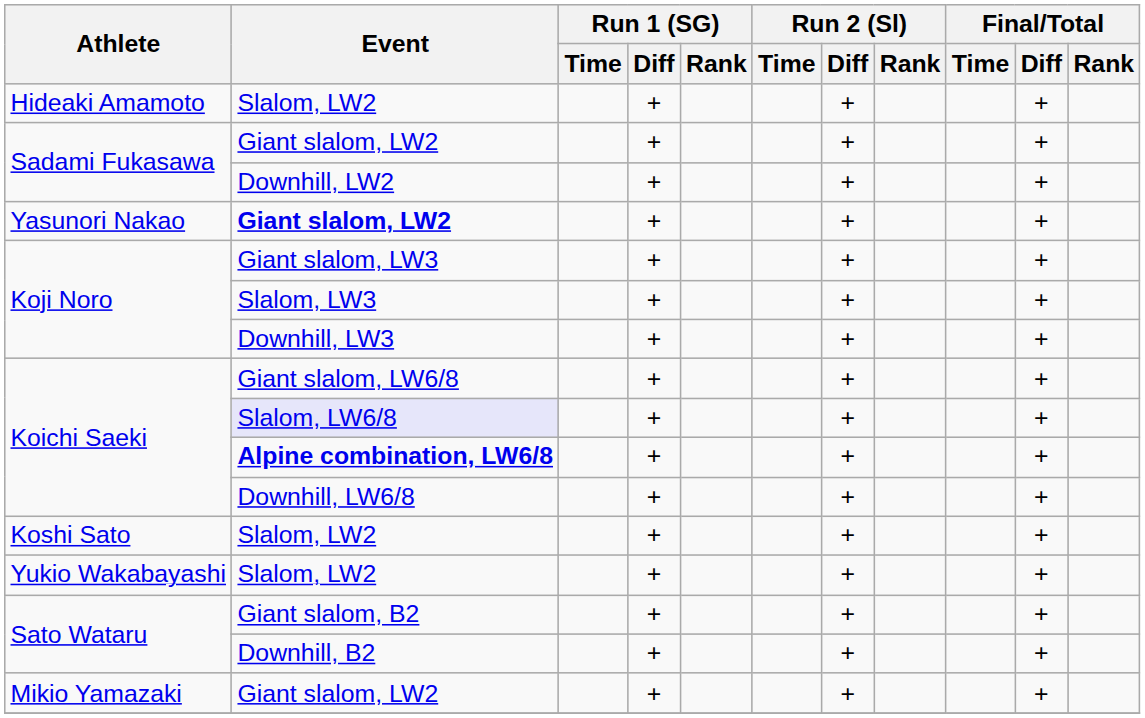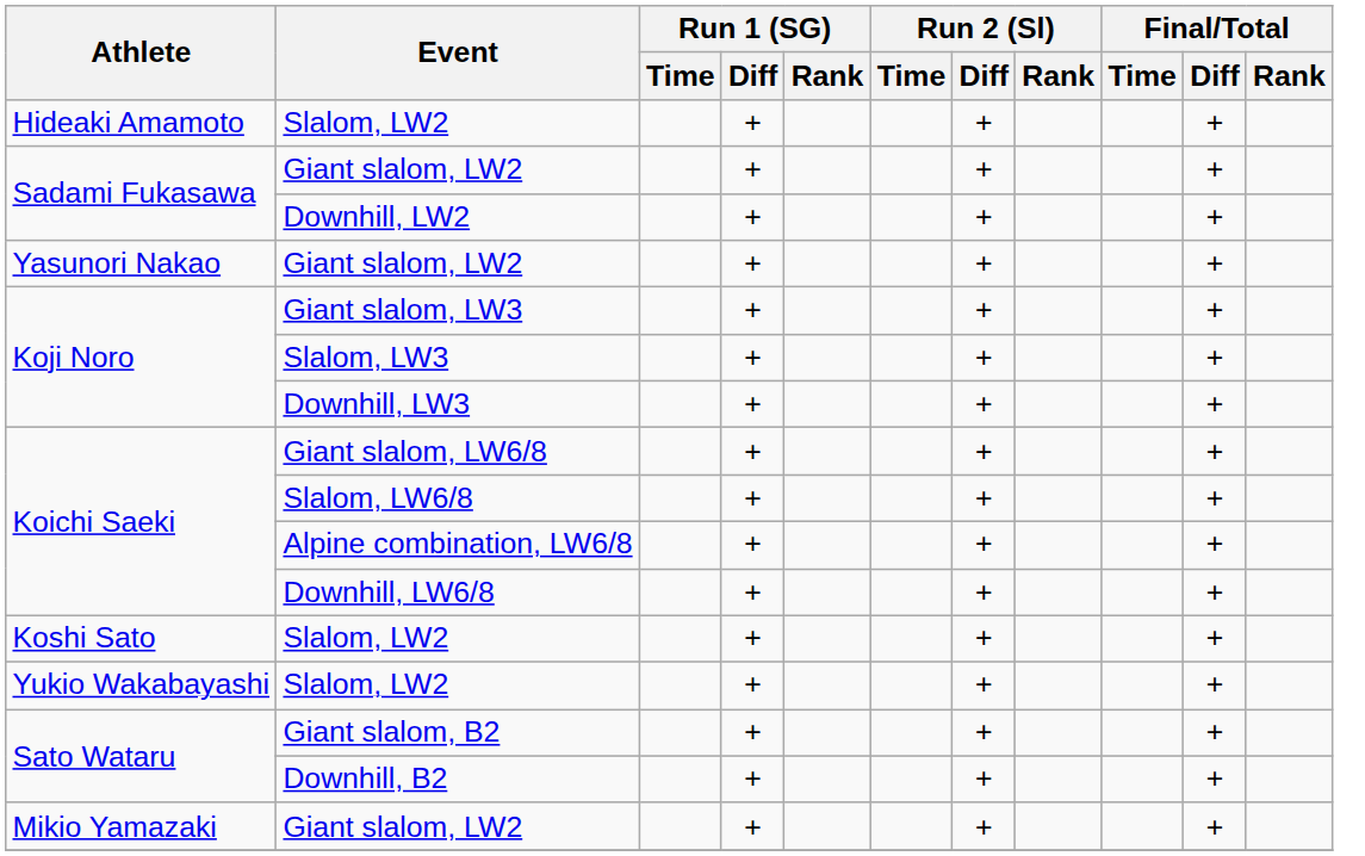 <table class="wikitable" style="font-size:100%">
 <tr>
 <th rowspan="2">Athlete</th>
 <th rowspan="2">Event</th>
 <th colspan="3">Run 1 (SG)</th>
 <th colspan="3">Run 2 (Sl)</th>
 <th colspan="3">Final/Total</th>
 </tr>
 <tr>
 <th>Time</th>
 <th>Diff</th>
 <th>Rank</th>
 <th>Time</th>
 <th>Diff</th>
 <th>Rank</th>
 <th>Time</th>
 <th>Diff</th>
 <th>Rank</th>
 </tr>
 <tr>
 <td rowspan=1><a href='#'>Hideaki Amamoto</a></td>
 <td><a href='#'>Slalom, LW2</a></td>
 <td align="center"></td>
 <td align="center">+</td>
 <td align="center"></td>
 <td align="center"></td>
 <td align="center">+</td>
 <td align="center"></td>
 <td align="center"></td>
 <td align="center">+</td>
 <td colspan="3" align="center"></td>
 </tr>
 <tr>
 <td rowspan=2><a href='#'>Sadami Fukasawa</a></td>
 <td><a href='#'>Giant slalom, LW2</a></td>
 <td align="center"></td>
 <td align="center">+</td>
 <td align="center"></td>
 <td align="center"></td>
 <td align="center">+</td>
 <td align="center"></td>
 <td align="center"></td>
 <td align="center">+</td>
 <td colspan="3" align="center"></td>
 </tr>
 <tr>
 <td><a href='#'>Downhill, LW2</a></td>
 <td align="center"></td>
 <td align="center">+</td>
 <td align="center"></td>
 <td align="center"></td>
 <td align="center">+</td>
 <td align="center"></td>
 <td align="center"></td>
 <td align="center">+</td>
 <td colspan="3" align="center"></td>
 </tr>
 <tr>
 <td rowspan=1><a href='#'>Yasunori Nakao</a></td>
-<td><strong><a href='#'>Giant slalom, LW2</a></strong></td>
+<td><a href='#'>Giant slalom, LW2</a></td>
 <td align="center"></td>
 <td align="center">+</td>
 <td align="center"></td>
 <td align="center"></td>
 <td align="center">+</td>
 <td align="center"></td>
 <td align="center"></td>
 <td align="center">+</td>
 <td colspan="3" align="center"></td>
 </tr>
 <tr>
 <td rowspan=3><a href='#'>Koji Noro</a></td>
 <td><a href='#'>Giant slalom, LW3</a></td>
 <td align="center"></td>
 <td align="center">+</td>
 <td align="center"></td>
 <td align="center"></td>
 <td align="center">+</td>
 <td align="center"></td>
 <td align="center"></td>
 <td align="center">+</td>
 <td colspan="3" align="center"></td>
 </tr>
 <tr>
 <td><a href='#'>Slalom, LW3</a></td>
 <td align="center"></td>
 <td align="center">+</td>
 <td align="center"></td>
 <td align="center"></td>
 <td align="center">+</td>
 <td align="center"></td>
 <td align="center"></td>
 <td align="center">+</td>
 <td colspan="3" align="center"></td>
 </tr>
 <tr>
 <td><a href='#'>Downhill, LW3</a></td>
 <td align="center"></td>
 <td align="center">+</td>
 <td align="center"></td>
 <td align="center"></td>
 <td align="center">+</td>
 <td align="center"></td>
 <td align="center"></td>
 <td align="center">+</td>
 <td colspan="3" align="center"></td>
 </tr>
 <tr>
 <td rowspan=4><a href='#'>Koichi Saeki</a></td>
 <td><a href='#'>Giant slalom, LW6/8</a></td>
 <td align="center"></td>
 <td align="center">+</td>
 <td align="center"></td>
 <td align="center"></td>
 <td align="center">+</td>
 <td align="center"></td>
 <td align="center"></td>
 <td align="center">+</td>
 <td colspan="3" align="center"></td>
 </tr>
 <tr>
-<td style="background: lavender;"><a href='#'>Slalom, LW6/8</a></td>
+<td><a href='#'>Slalom, LW6/8</a></td>
 <td align="center"></td>
 <td align="center">+</td>
 <td align="center"></td>
 <td align="center"></td>
 <td align="center">+</td>
 <td align="center"></td>
 <td align="center"></td>
 <td align="center">+</td>
 <td colspan="3" align="center"></td>
 </tr>
 <tr>
-<td><strong><a href='#'>Alpine combination, LW6/8</a></strong></td>
+<td><a href='#'>Alpine combination, LW6/8</a></td>
 <td align="center"></td>
 <td align="center">+</td>
 <td align="center"></td>
 <td align="center"></td>
 <td align="center">+</td>
 <td align="center"></td>
 <td align="center"></td>
 <td align="center">+</td>
 <td colspan="3" align="center"></td>
 </tr>
 <tr>
 <td><a href='#'>Downhill, LW6/8</a></td>
 <td align="center"></td>
 <td align="center">+</td>
 <td align="center"></td>
 <td align="center"></td>
 <td align="center">+</td>
 <td align="center"></td>
 <td align="center"></td>
 <td align="center">+</td>
 <td colspan="3" align="center"></td>
 </tr>
 <tr>
 <td rowspan=1><a href='#'>Koshi Sato</a></td>
 <td><a href='#'>Slalom, LW2</a></td>
 <td align="center"></td>
 <td align="center">+</td>
 <td align="center"></td>
 <td align="center"></td>
 <td align="center">+</td>
 <td align="center"></td>
 <td align="center"></td>
 <td align="center">+</td>
 <td colspan="3" align="center"></td>
 </tr>
 <tr>
 <td rowspan=1><a href='#'>Yukio Wakabayashi</a></td>
 <td><a href='#'>Slalom, LW2</a></td>
 <td align="center"></td>
 <td align="center">+</td>
 <td align="center"></td>
 <td align="center"></td>
 <td align="center">+</td>
 <td align="center"></td>
 <td align="center"></td>
 <td align="center">+</td>
 <td colspan="3" align="center"></td>
 </tr>
 <tr>
 <td rowspan=2><a href='#'>Sato Wataru</a></td>
 <td><a href='#'>Giant slalom, B2</a></td>
 <td align="center"></td>
 <td align="center">+</td>
 <td align="center"></td>
 <td align="center"></td>
 <td align="center">+</td>
 <td align="center"></td>
 <td align="center"></td>
 <td align="center">+</td>
 <td colspan="3" align="center"></td>
 </tr>
 <tr>
 <td><a href='#'>Downhill, B2</a></td>
 <td align="center"></td>
 <td align="center">+</td>
 <td align="center"></td>
 <td align="center"></td>
 <td align="center">+</td>
 <td align="center"></td>
 <td align="center"></td>
 <td align="center">+</td>
 <td colspan="3" align="center"></td>
 </tr>
 <tr>
 <td rowspan=1><a href='#'>Mikio Yamazaki</a></td>
 <td><a href='#'>Giant slalom, LW2</a></td>
 <td align="center"></td>
 <td align="center">+</td>
 <td align="center"></td>
 <td align="center"></td>
 <td align="center">+</td>
 <td align="center"></td>
 <td align="center"></td>
 <td align="center">+</td>
 <td colspan="3" align="center"></td>
 </tr>
 <tr>
 </tr>
 </table>
